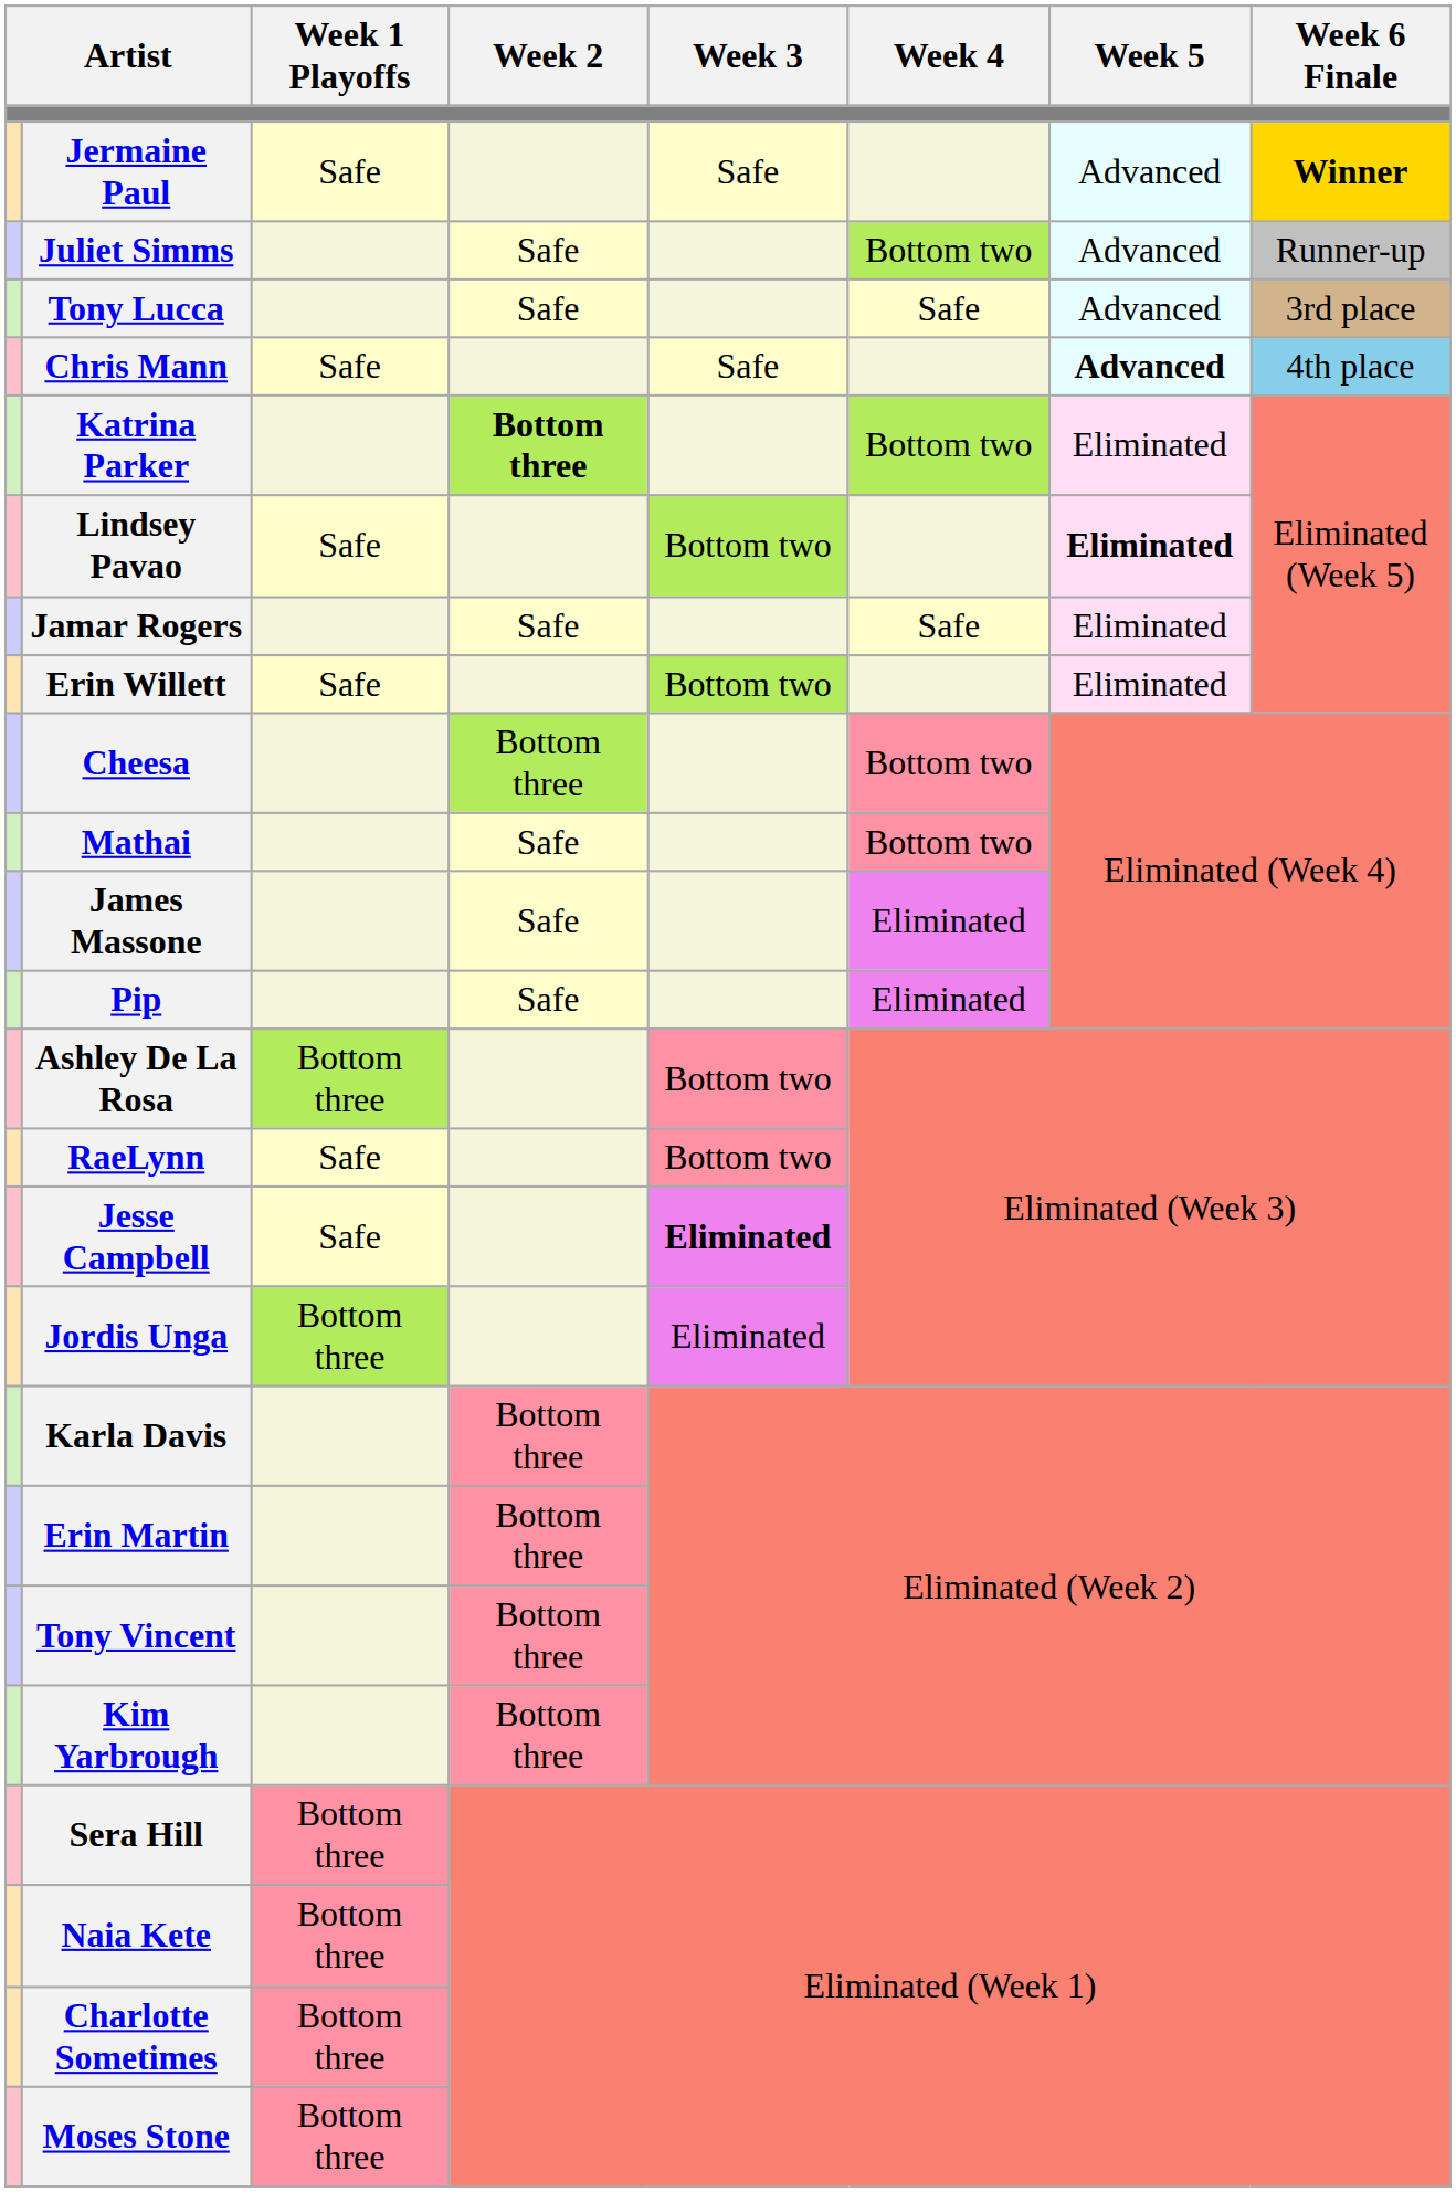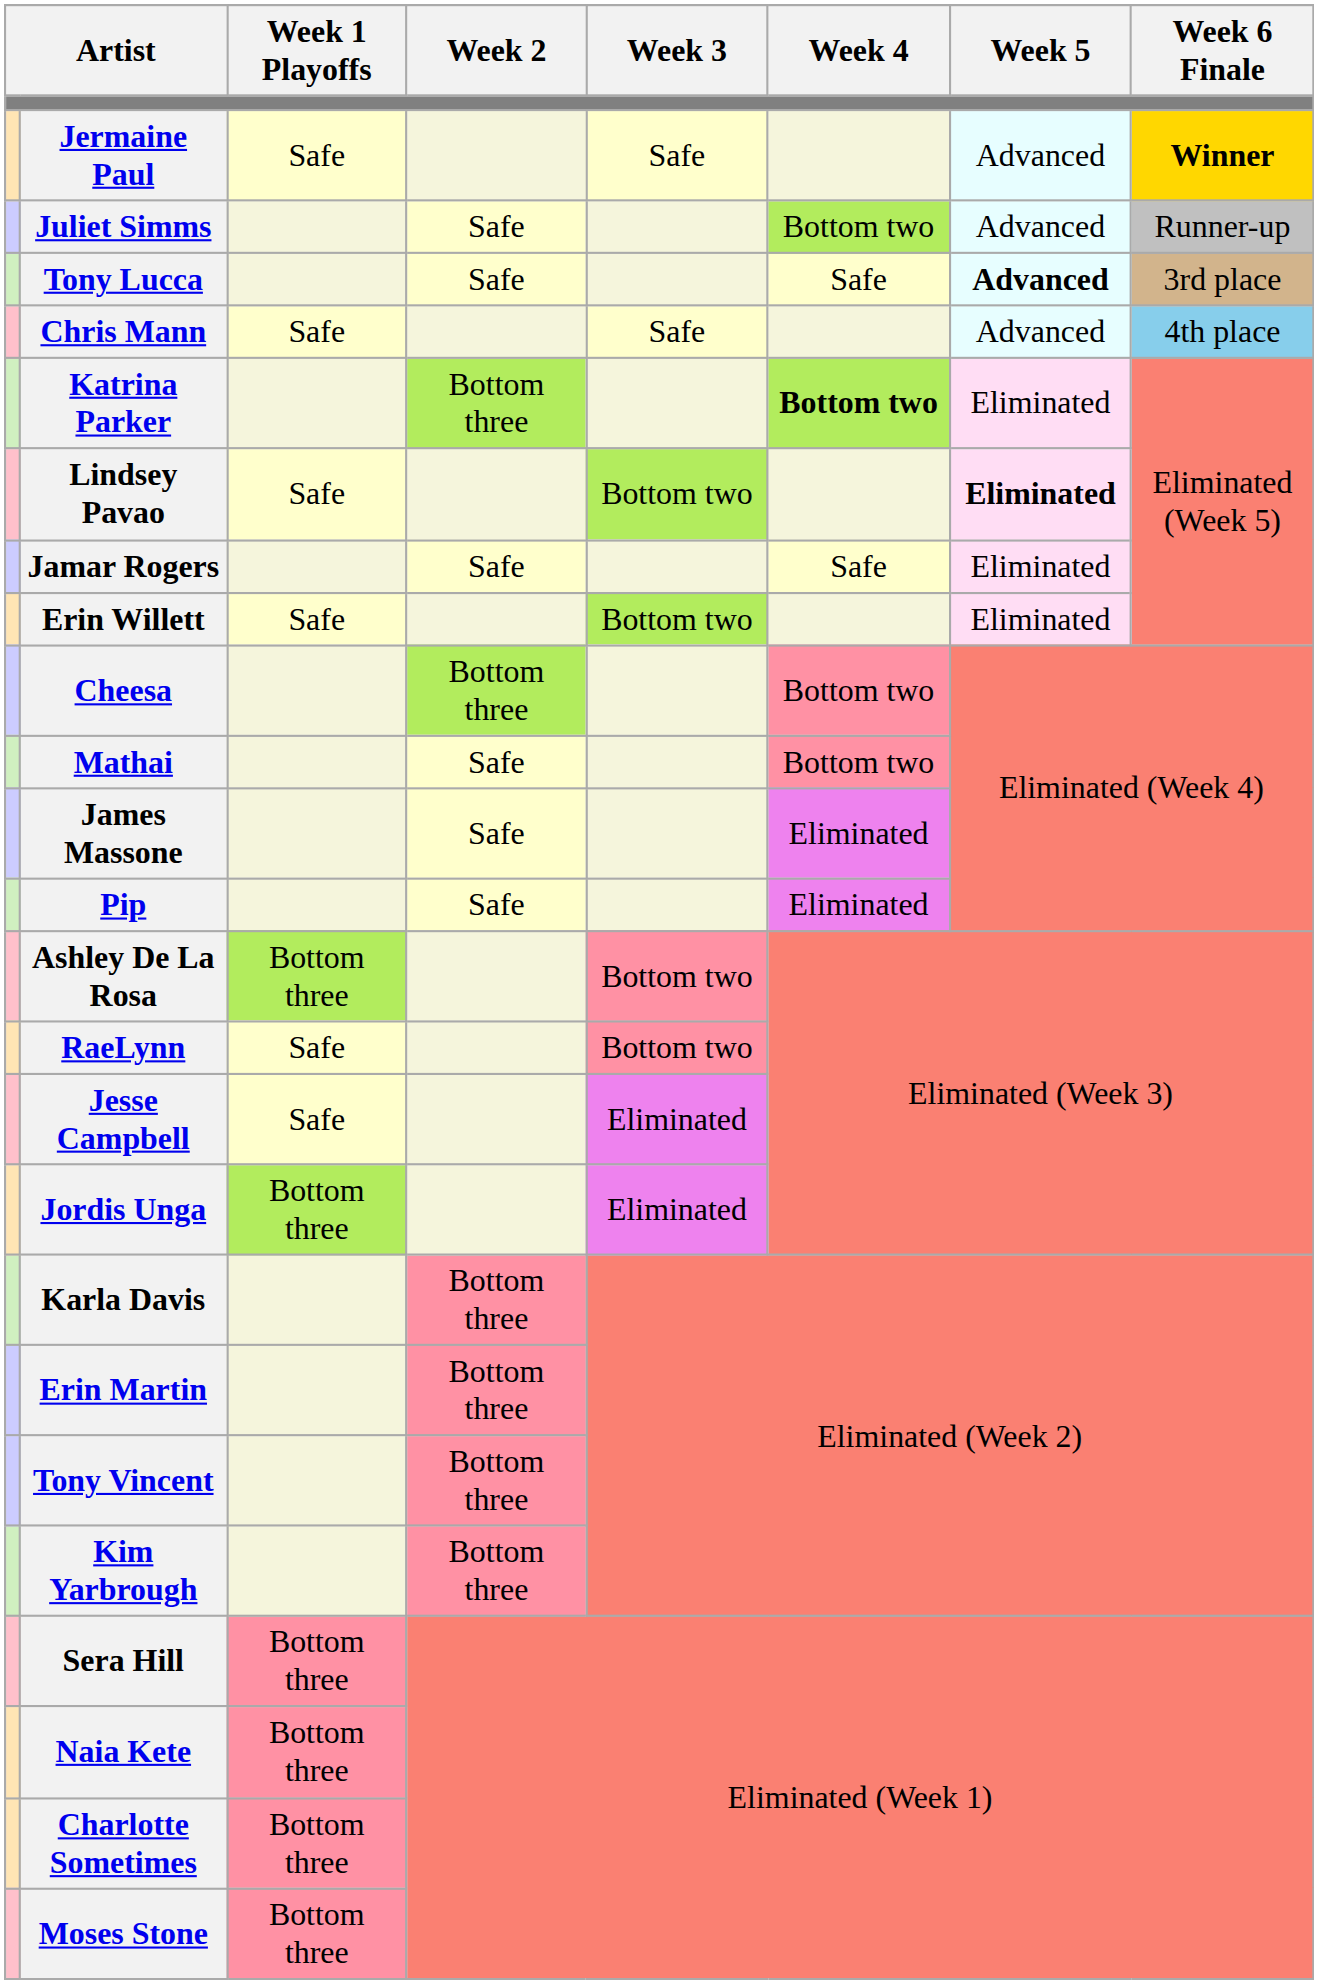 <table class="wikitable"  style="text-align:center; font-size:95%; width:100%;">
 <tr>
 </tr>
 <tr>
 <th colspan="2">Artist</th>
 <th style="width:14%;">Week 1 Playoffs</th>
 <th style="width:14%;">Week 2</th>
 <th style="width:14%;">Week 3</th>
 <th style="width:14%;">Week 4</th>
 <th style="width:14%;">Week 5</th>
 <th style="width:14%;">Week 6 Finale</th>
 </tr>
 <tr>
 <th colspan="8" style="background:gray;"></th>
 </tr>
 <tr>
 <td style="background:#ffe5b4;"></td>
 <th style="width:16%;"><a href='#'>Jermaine Paul</a></th>
 <td style="background:#ffc;">Safe</td>
 <td style="background:beige;"></td>
 <td style="background:#ffc;">Safe</td>
 <td style="background:beige;"></td>
 <td style="background:#E7FEFF;">Advanced</td>
 <th style="background:gold;">Winner</th>
 </tr>
 <tr>
 <td style="background:#ccf;"></td>
 <th style="width:16%;"><a href='#'>Juliet Simms</a></th>
 <td style="background:beige;"></td>
 <td style="background:#ffc;">Safe</td>
 <td style="background:beige;"></td>
 <td style="background:#B2EC5D;">Bottom two</td>
 <td style="background:#E7FEFF;">Advanced</td>
 <td style="background:silver;">Runner-up</td>
 </tr>
 <tr>
 <td style="background:#d0f0c0;"></td>
 <th style="width:16%;"><a href='#'>Tony Lucca</a></th>
 <td style="background:beige;"></td>
 <td style="background:#ffc;">Safe</td>
 <td style="background:beige;"></td>
 <td style="background:#ffc;">Safe</td>
-<td style="background:#E7FEFF;">Advanced</td>
+<td style="background:#E7FEFF;"><strong>Advanced</strong></td>
 <td style="background:tan;">3rd place</td>
 </tr>
 <tr>
 <td style="background:pink;"></td>
 <th style="width:16%;"><a href='#'>Chris Mann</a></th>
 <td style="background:#ffc;">Safe</td>
 <td style="background:beige;"></td>
 <td style="background:#ffc;">Safe</td>
 <td style="background:beige;"></td>
-<td style="background:#E7FEFF;"><strong>Advanced</strong></td>
+<td style="background:#E7FEFF;">Advanced</td>
 <td style="background:skyblue;">4th place</td>
 </tr>
 <tr>
 <td style="background:#d0f0c0;"></td>
 <th style="width:16%;"><a href='#'>Katrina Parker</a></th>
 <td style="background:beige;"></td>
-<td style="background:#B2EC5D;"><strong>Bottom three</strong></td>
+<td style="background:#B2EC5D;">Bottom three</td>
 <td style="background:beige;"></td>
-<td style="background:#B2EC5D;">Bottom two</td>
+<td style="background:#B2EC5D;"><strong>Bottom two</strong></td>
 <td style="background:#FFDDF4;">Eliminated</td>
 <td rowspan="4" style="background:salmon;">Eliminated (Week 5)</td>
 </tr>
 <tr>
 <td style="background:pink;"></td>
 <th style="width:16%;">Lindsey Pavao</th>
 <td style="background:#ffc;">Safe</td>
 <td style="background:beige;"></td>
 <td style="background:#B2EC5D;">Bottom two</td>
 <td style="background:beige;"></td>
 <td style="background:#FFDDF4;"><strong>Eliminated</strong></td>
 </tr>
 <tr>
 <td style="background:#ccf;"></td>
 <th style="width:16%;">Jamar Rogers</th>
 <td style="background:beige;"></td>
 <td style="background:#ffc;">Safe</td>
 <td style="background:beige;"></td>
 <td style="background:#ffc;">Safe</td>
 <td style="background:#FFDDF4;">Eliminated</td>
 </tr>
 <tr>
 <td style="background:#ffe5b4;"></td>
 <th style="width:16%;">Erin Willett</th>
 <td style="background:#ffc;">Safe</td>
 <td style="background:beige;"></td>
 <td style="background:#B2EC5D;">Bottom two</td>
 <td style="background:beige;"></td>
 <td style="background:#FFDDF4;">Eliminated</td>
 </tr>
 <tr>
 <td style="background:#ccf;"></td>
 <th style="width:16%;"><a href='#'>Cheesa</a></th>
 <td style="background:beige;"></td>
 <td style="background:#B2EC5D;">Bottom three</td>
 <td style="background:beige;"></td>
 <td style="background:#FF91A4;">Bottom two</td>
 <td rowspan="4" colspan="2" style="background:salmon;">Eliminated (Week 4)</td>
 </tr>
 <tr>
 <td style="background:#d0f0c0;"></td>
 <th style="width:16%;"><a href='#'>Mathai</a></th>
 <td style="background:beige;"></td>
 <td style="background:#ffc;">Safe</td>
 <td style="background:beige;"></td>
 <td style="background:#FF91A4;">Bottom two</td>
 </tr>
 <tr>
 <td style="background:#ccf;"></td>
 <th style="width:16%;">James Massone</th>
 <td style="background:beige;"></td>
 <td style="background:#ffc;">Safe</td>
 <td style="background:beige;"></td>
 <td style="background:violet;">Eliminated</td>
 </tr>
 <tr>
 <td style="background:#d0f0c0;"></td>
 <th style="width:16%;"><a href='#'>Pip</a></th>
 <td style="background:beige;"></td>
 <td style="background:#ffc;">Safe</td>
 <td style="background:beige;"></td>
 <td style="background:violet;">Eliminated</td>
 </tr>
 <tr>
 <td style="background:pink;"></td>
 <th style="width:16%;">Ashley De La Rosa</th>
 <td style="background:#B2EC5D;">Bottom three</td>
 <td style="background:beige;"></td>
 <td style="background:#FF91A4;">Bottom two</td>
 <td rowspan="4" colspan="3" style="background:salmon;">Eliminated (Week 3)</td>
 </tr>
 <tr>
 <td style="background:#ffe5b4;"></td>
 <th style="width:16%;"><a href='#'>RaeLynn</a></th>
 <td style="background:#ffc;">Safe</td>
 <td style="background:beige;"></td>
 <td style="background:#FF91A4;">Bottom two</td>
 </tr>
 <tr>
 <td style="background:pink;"></td>
 <th style="width:16%;"><a href='#'>Jesse Campbell</a></th>
 <td style="background:#ffc;">Safe</td>
 <td style="background:beige;"></td>
-<td style="background:violet;"><strong>Eliminated</strong></td>
+<td style="background:violet;">Eliminated</td>
 </tr>
 <tr>
 <td style="background:#ffe5b4;"></td>
 <th style="width:16%;"><a href='#'>Jordis Unga</a></th>
 <td style="background:#B2EC5D;">Bottom three</td>
 <td style="background:beige;"></td>
 <td style="background:violet;">Eliminated</td>
 </tr>
 <tr>
 <td style="background:#d0f0c0;"></td>
 <th style="width:16%;">Karla Davis</th>
 <td style="background:beige;"></td>
 <td style="background:#FF91A4;">Bottom three</td>
 <td rowspan="4" colspan="4" style="background:salmon;">Eliminated (Week 2)</td>
 </tr>
 <tr>
 <td style="background:#ccf;"></td>
 <th style="width:16%;"><a href='#'>Erin Martin</a></th>
 <td style="background:beige;"></td>
 <td style="background:#FF91A4;">Bottom three</td>
 </tr>
 <tr>
 <td style="background:#ccf;"></td>
 <th style="width:16%;"><a href='#'>Tony Vincent</a></th>
 <td style="background:beige;"></td>
 <td style="background:#FF91A4;">Bottom three</td>
 </tr>
 <tr>
 <td style="background:#d0f0c0;"></td>
 <th style="width:16%;"><a href='#'>Kim Yarbrough</a></th>
 <td style="background:beige;"></td>
 <td style="background:#FF91A4;">Bottom three</td>
 </tr>
 <tr>
 <td style="background:pink;"></td>
 <th style="width:16%;">Sera Hill</th>
 <td style="background:#FF91A4;">Bottom three</td>
 <td rowspan="4" colspan="5" style="background:salmon;">Eliminated (Week 1)</td>
 </tr>
 <tr>
 <td style="background:#ffe5b4;"></td>
 <th style="width:16%;"><a href='#'>Naia Kete</a></th>
 <td style="background:#FF91A4;">Bottom three</td>
 </tr>
 <tr>
 <td style="background:#ffe5b4;"></td>
 <th style="width:16%;"><a href='#'>Charlotte Sometimes</a></th>
 <td style="background:#FF91A4;">Bottom three</td>
 </tr>
 <tr>
 <td style="background:pink;"></td>
 <th style="width:16%;"><a href='#'>Moses Stone</a></th>
 <td style="background:#FF91A4;">Bottom three</td>
 </tr>
 </table>
